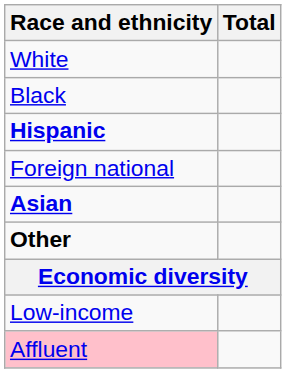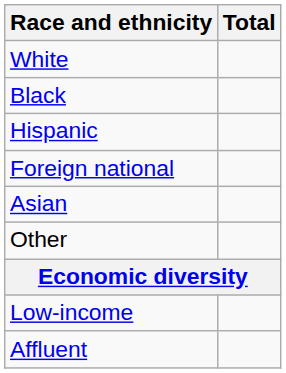 <table class="wikitable floatright sortable collapsible"; text-align:right; font-size:80%;">
 <tr>
 <th>Race and ethnicity</th>
 <th colspan="2" data-sort-type=number>Total</th>
 </tr>
 <tr>
 <td><a href='#'>White</a></td>
 <td align=right></td>
 </tr>
 <tr>
 <td><a href='#'>Black</a></td>
 <td align=right></td>
 </tr>
 <tr>
-<td><strong><a href='#'>Hispanic</a></strong></td>
+<td><a href='#'>Hispanic</a></td>
 <td align=right></td>
 </tr>
 <tr>
 <td><a href='#'>Foreign national</a></td>
 <td align=right></td>
 </tr>
 <tr>
-<td><strong><a href='#'>Asian</a></strong></td>
+<td><a href='#'>Asian</a></td>
 <td align=right></td>
 </tr>
 <tr>
-<td><strong>Other</strong></td>
+<td>Other</td>
 <td align=right></td>
 </tr>
 <tr>
 <th colspan="4" data-sort-type=number><a href='#'>Economic diversity</a></th>
 </tr>
 <tr>
 <td><a href='#'>Low-income</a></td>
 <td align=right></td>
 </tr>
 <tr>
-<td style="background: pink;"><a href='#'>Affluent</a></td>
+<td><a href='#'>Affluent</a></td>
 <td align=right></td>
 </tr>
 </table>
